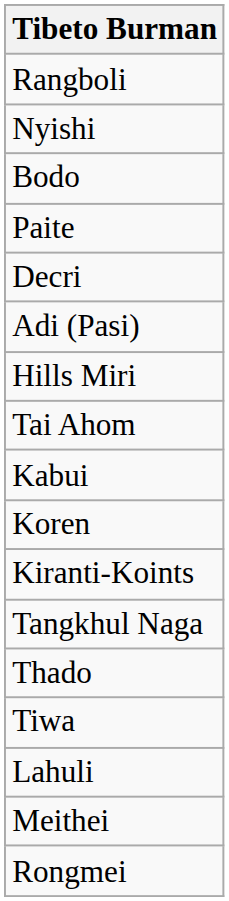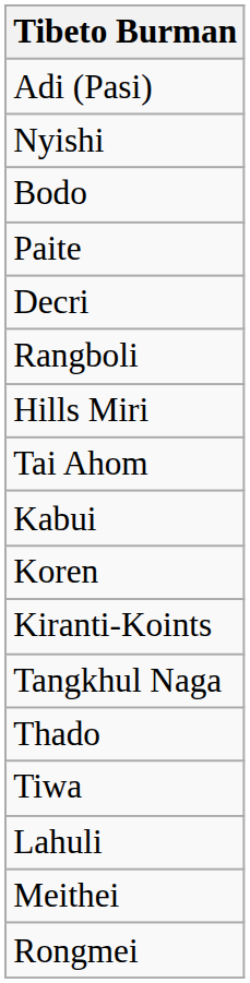 <table class="wikitable">
 <tr>
 <th>Tibeto Burman</th>
 </tr>
 <tr>
-<td>Rangboli</td>
+<td>Adi (Pasi)</td>
 </tr>
 <tr>
 <td>Nyishi</td>
 </tr>
 <tr>
 <td>Bodo</td>
 </tr>
 <tr>
 <td>Paite</td>
 </tr>
 <tr>
 <td>Decri</td>
 </tr>
 <tr>
-<td>Adi (Pasi)</td>
+<td>Rangboli</td>
 </tr>
 <tr>
 <td>Hills Miri</td>
 </tr>
 <tr>
 <td>Tai Ahom</td>
 </tr>
 <tr>
 <td>Kabui</td>
 </tr>
 <tr>
 <td>Koren</td>
 </tr>
 <tr>
 <td>Kiranti-Koints</td>
 </tr>
 <tr>
 <td>Tangkhul Naga</td>
 </tr>
 <tr>
 <td>Thado</td>
 </tr>
 <tr>
 <td>Tiwa</td>
 </tr>
 <tr>
 <td>Lahuli</td>
 </tr>
 <tr>
 <td>Meithei</td>
 </tr>
 <tr>
 <td>Rongmei</td>
 </tr>
 </table>
